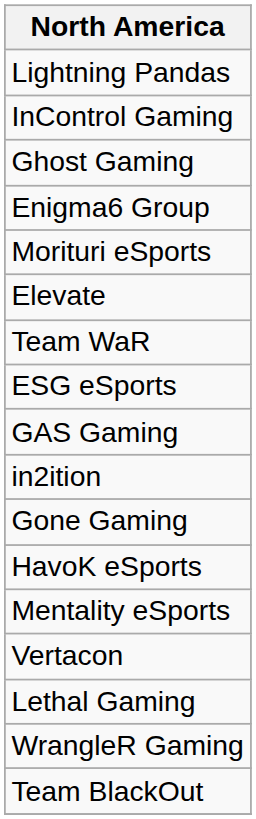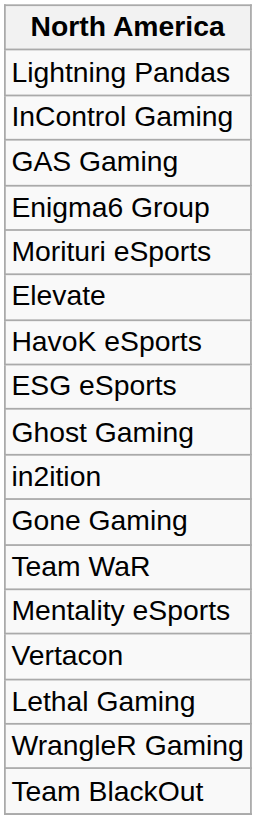 <table class="wikitable" style="display: inline-table;">
 <tr>
 <th>North America</th>
 </tr>
 <tr>
 <td>Lightning Pandas</td>
 </tr>
 <tr>
 <td>InControl Gaming</td>
 </tr>
 <tr>
-<td>Ghost Gaming</td>
+<td>GAS Gaming</td>
 </tr>
 <tr>
 <td>Enigma6 Group</td>
 </tr>
 <tr>
 <td>Morituri eSports</td>
 </tr>
 <tr>
 <td>Elevate</td>
 </tr>
 <tr>
-<td>Team WaR</td>
+<td>HavoK eSports</td>
 </tr>
 <tr>
 <td>ESG eSports</td>
 </tr>
 <tr>
-<td>GAS Gaming</td>
+<td>Ghost Gaming</td>
 </tr>
 <tr>
 <td>in2ition</td>
 </tr>
 <tr>
 <td>Gone Gaming</td>
 </tr>
 <tr>
-<td>HavoK eSports</td>
+<td>Team WaR</td>
 </tr>
 <tr>
 <td>Mentality eSports</td>
 </tr>
 <tr>
 <td>Vertacon</td>
 </tr>
 <tr>
 <td>Lethal Gaming</td>
 </tr>
 <tr>
 <td>WrangleR Gaming</td>
 </tr>
 <tr>
 <td>Team BlackOut</td>
 </tr>
 <tr>
 </tr>
 </table>
